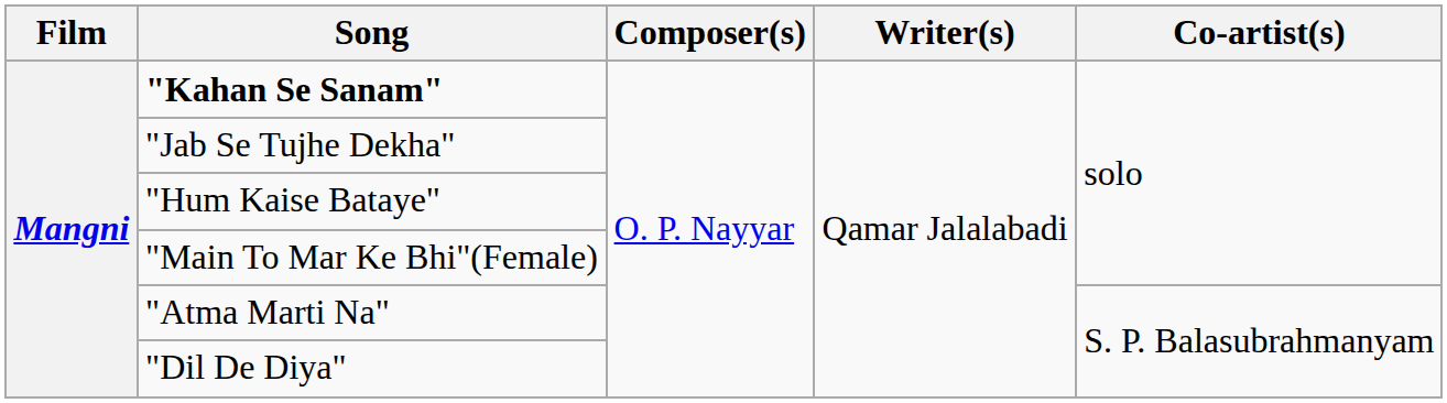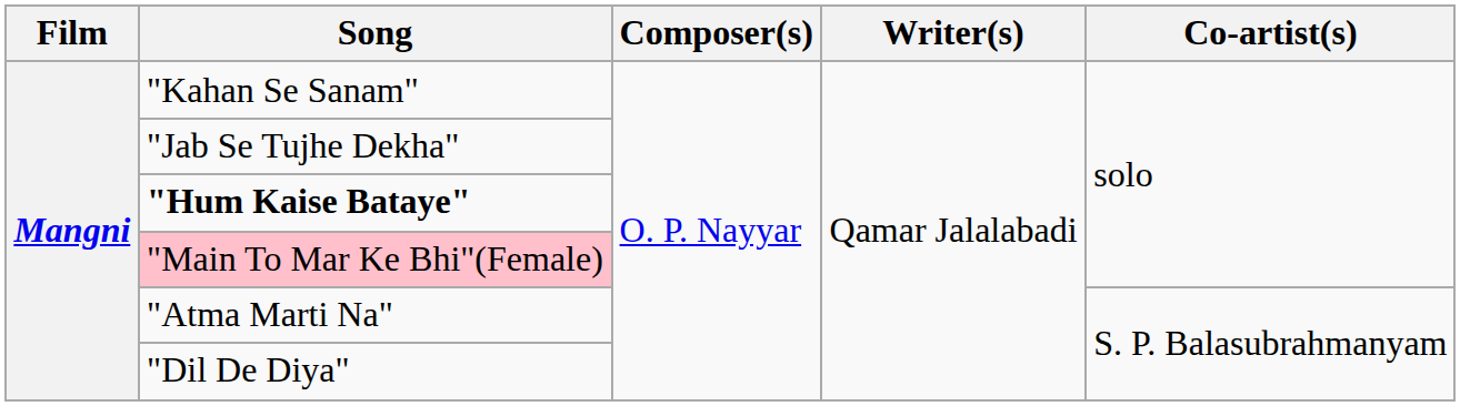 <table class="wikitable sortable">
 <tr>
 <th>Film</th>
 <th>Song</th>
 <th>Composer(s)</th>
 <th>Writer(s)</th>
 <th>Co-artist(s)</th>
 </tr>
 <tr>
 <th rowspan="6"><em><a href='#'>Mangni</a></em></th>
-<td><strong>"Kahan Se Sanam"</strong></td>
+<td>"Kahan Se Sanam"</td>
 <td rowspan="6"><a href='#'>O. P. Nayyar</a></td>
 <td rowspan=6>Qamar Jalalabadi</td>
 <td rowspan=4>solo</td>
 </tr>
 <tr>
 <td>"Jab Se Tujhe Dekha"</td>
 </tr>
 <tr>
-<td>"Hum Kaise Bataye"</td>
+<td><strong>"Hum Kaise Bataye"</strong></td>
 </tr>
 <tr>
-<td>"Main To Mar Ke Bhi"(Female)</td>
+<td style="background: pink;">"Main To Mar Ke Bhi"(Female)</td>
 </tr>
 <tr>
 <td>"Atma Marti Na"</td>
 <td Rowspan=2>S. P. Balasubrahmanyam</td>
 </tr>
 <tr>
 <td>"Dil De Diya"</td>
 </tr>
 <tr>
 </tr>
 </table>
